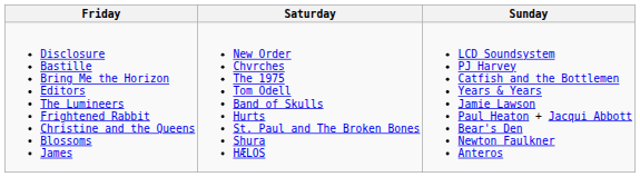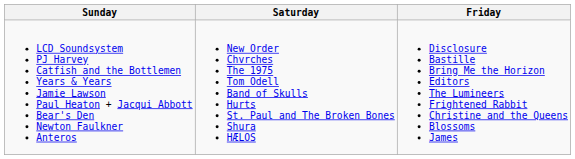 <table class="wikitable">
 <tr>
+<th>Sunday</th>
+<th>Saturday</th>
 <th>Friday</th>
-<th>Saturday</th>
-<th>Sunday</th>
 </tr>
 <tr valign="top">
+<td><br><ul><li><a href='#'>LCD Soundsystem</a></li><li><a href='#'>PJ Harvey</a></li><li><a href='#'>Catfish and the Bottlemen</a></li><li><a href='#'>Years & Years</a></li><li><a href='#'>Jamie Lawson</a></li><li><a href='#'>Paul Heaton</a> + <a href='#'>Jacqui Abbott</a></li><li><a href='#'>Bear's Den</a></li><li><a href='#'>Newton Faulkner</a></li><li><a href='#'>Anteros</a></li></ul></td>
+<td><br><ul><li><a href='#'>New Order</a></li><li><a href='#'>Chvrches</a></li><li><a href='#'>The 1975</a></li><li><a href='#'>Tom Odell</a></li><li><a href='#'>Band of Skulls</a></li><li><a href='#'>Hurts</a></li><li><a href='#'>St. Paul and The Broken Bones</a></li><li><a href='#'>Shura</a></li><li><a href='#'>HÆLOS</a></li></ul></td>
 <td><br><ul><li><a href='#'>Disclosure</a></li><li><a href='#'>Bastille</a></li><li><a href='#'>Bring Me the Horizon</a></li><li><a href='#'>Editors</a></li><li><a href='#'>The Lumineers</a></li><li><a href='#'>Frightened Rabbit</a></li><li><a href='#'>Christine and the Queens</a></li><li><a href='#'>Blossoms</a></li><li><a href='#'>James</a></li></ul></td>
-<td><br><ul><li><a href='#'>New Order</a></li><li><a href='#'>Chvrches</a></li><li><a href='#'>The 1975</a></li><li><a href='#'>Tom Odell</a></li><li><a href='#'>Band of Skulls</a></li><li><a href='#'>Hurts</a></li><li><a href='#'>St. Paul and The Broken Bones</a></li><li><a href='#'>Shura</a></li><li><a href='#'>HÆLOS</a></li></ul></td>
-<td><br><ul><li><a href='#'>LCD Soundsystem</a></li><li><a href='#'>PJ Harvey</a></li><li><a href='#'>Catfish and the Bottlemen</a></li><li><a href='#'>Years & Years</a></li><li><a href='#'>Jamie Lawson</a></li><li><a href='#'>Paul Heaton</a> + <a href='#'>Jacqui Abbott</a></li><li><a href='#'>Bear's Den</a></li><li><a href='#'>Newton Faulkner</a></li><li><a href='#'>Anteros</a></li></ul></td>
 </tr>
 </table>
